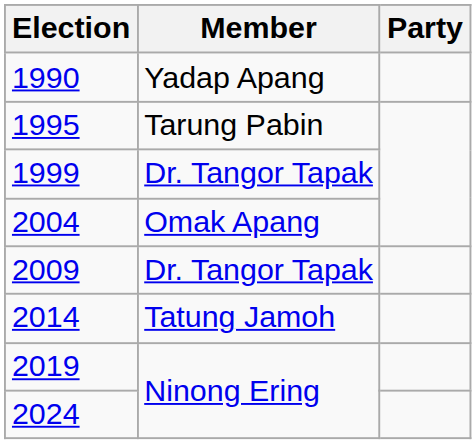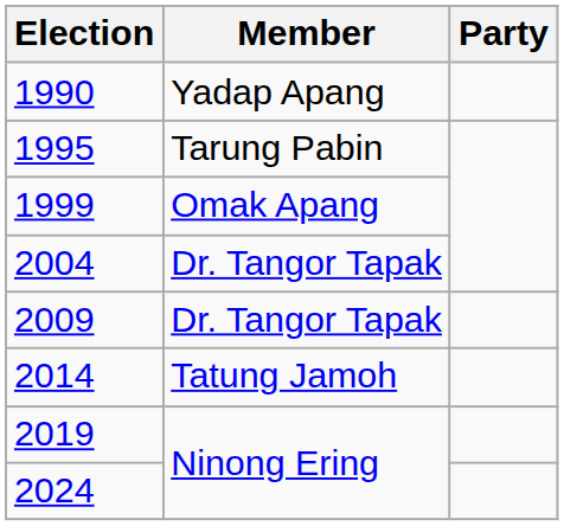 <table class="wikitable sortable">
 <tr>
 <th>Election</th>
 <th>Member</th>
 <th colspan=2>Party</th>
 </tr>
 <tr>
 <td><a href='#'>1990</a></td>
 <td>Yadap Apang</td>
 <td></td>
 </tr>
 <tr>
 <td><a href='#'>1995</a></td>
 <td>Tarung Pabin</td>
 </tr>
 <tr>
 <td><a href='#'>1999</a></td>
-<td><a href='#'>Dr. Tangor Tapak</a></td>
+<td><a href='#'>Omak Apang</a></td>
 </tr>
 <tr>
 <td><a href='#'>2004</a></td>
-<td><a href='#'>Omak Apang</a></td>
+<td><a href='#'>Dr. Tangor Tapak</a></td>
 </tr>
 <tr>
 <td><a href='#'>2009</a></td>
 <td><a href='#'>Dr. Tangor Tapak</a></td>
 <td></td>
 </tr>
 <tr>
 <td><a href='#'>2014</a></td>
 <td><a href='#'>Tatung Jamoh</a></td>
 <td></td>
 </tr>
 <tr>
 <td><a href='#'>2019</a></td>
 <td rowspan=2><a href='#'>Ninong Ering</a></td>
 </tr>
 <tr>
 <td><a href='#'>2024</a></td>
 <td></td>
 </tr>
 </table>
